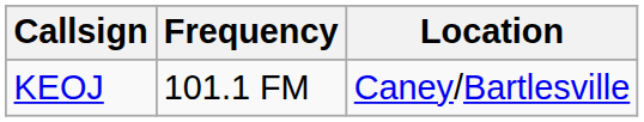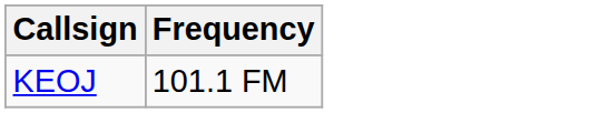 <table class="wikitable">
 <tr>
 <th>Callsign</th>
 <th>Frequency</th>
-<th>Location</th>
 </tr>
 <tr>
 <td><a href='#'>KEOJ</a></td>
 <td>101.1 FM</td>
-<td><a href='#'>Caney</a>/<a href='#'>Bartlesville</a></td>
 </tr>
 </table>
